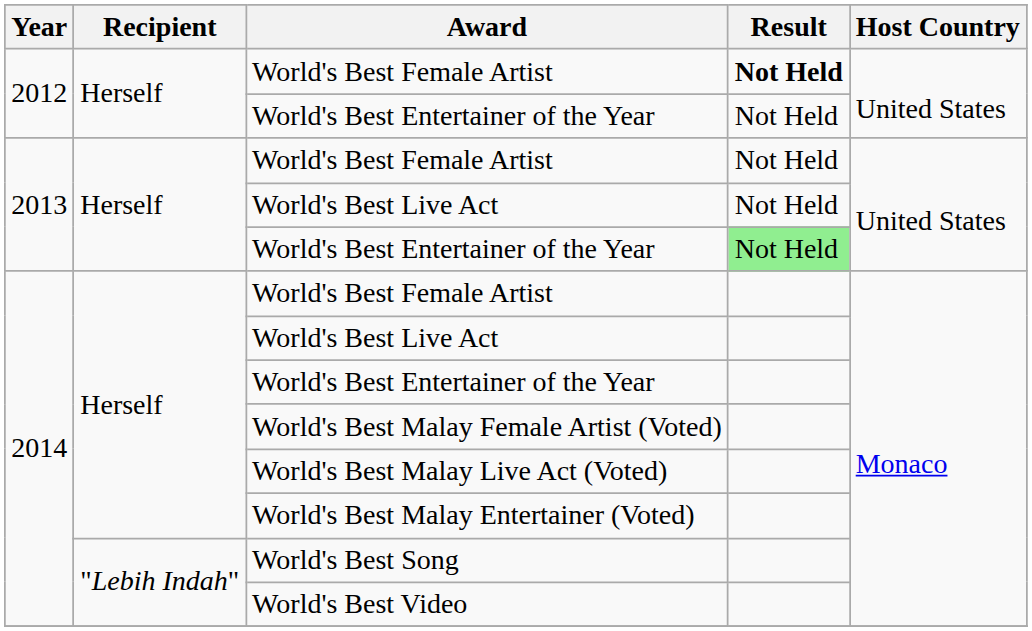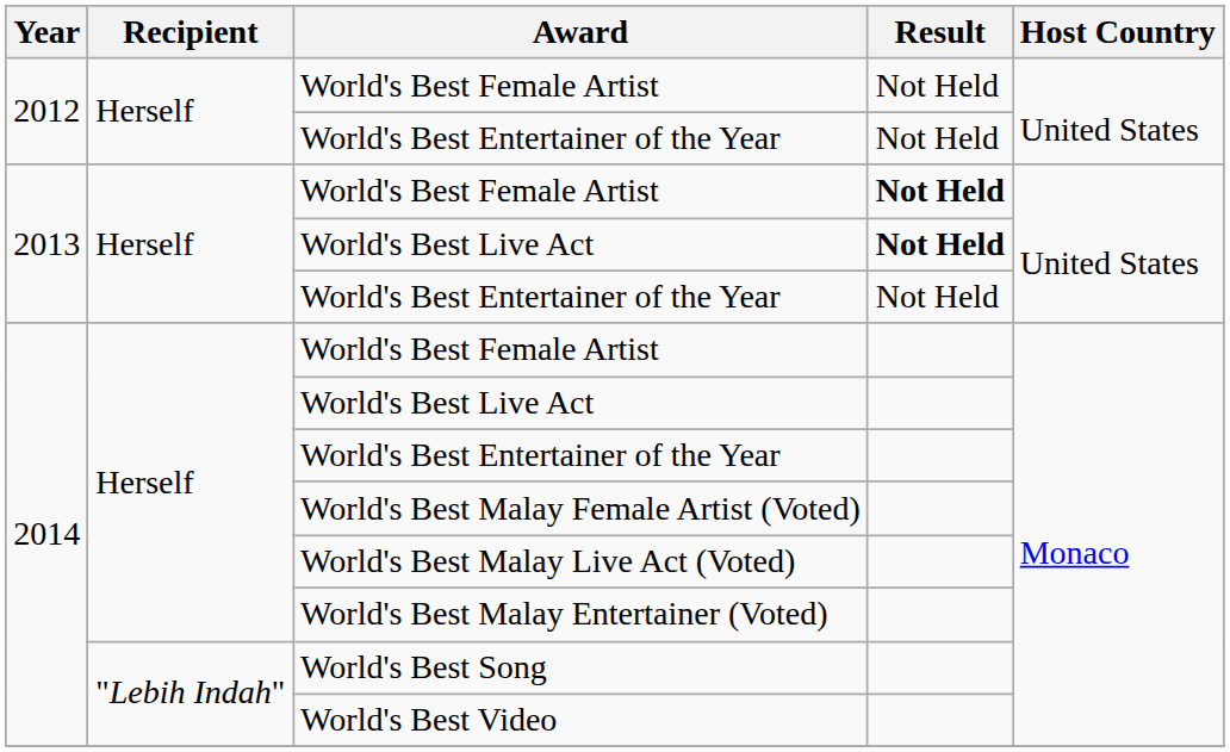 <table class="wikitable">
 <tr>
 <th>Year</th>
 <th>Recipient</th>
 <th>Award</th>
 <th>Result</th>
 <th>Host Country</th>
 </tr>
 <tr>
 <td rowspan="2">2012</td>
 <td rowspan="2">Herself</td>
 <td rowspan="1">World's Best Female Artist</td>
-<td><strong>Not Held</strong></td>
+<td>Not Held</td>
 <td rowspan="2"> <br> United States</td>
 </tr>
 <tr>
 <td rowspan="1">World's Best Entertainer of the Year</td>
 <td>Not Held</td>
 </tr>
 <tr>
 <td rowspan="3">2013</td>
 <td rowspan="3">Herself</td>
 <td rowspan="1">World's Best Female Artist</td>
-<td>Not Held</td>
+<td><strong>Not Held</strong></td>
 <td rowspan="3"> <br> United States</td>
 </tr>
 <tr>
 <td rowspan="1">World's Best Live Act</td>
-<td>Not Held</td>
+<td><strong>Not Held</strong></td>
 </tr>
 <tr>
 <td rowspan="1">World's Best Entertainer of the Year</td>
-<td style="background: lightgreen;">Not Held</td>
+<td>Not Held</td>
 </tr>
 <tr>
 <td rowspan="8">2014</td>
 <td rowspan="6">Herself</td>
 <td rowspan="1">World's Best Female Artist</td>
 <td></td>
 <td rowspan="8"> <br> <a href='#'>Monaco</a></td>
 </tr>
 <tr>
 <td rowspan="1">World's Best Live Act</td>
 <td></td>
 </tr>
 <tr>
 <td rowspan="1">World's Best Entertainer of the Year</td>
 <td></td>
 </tr>
 <tr>
 <td rowspan="1">World's Best Malay Female Artist (Voted)</td>
 <td></td>
 </tr>
 <tr>
 <td rowspan="1">World's Best Malay Live Act (Voted)</td>
 <td></td>
 </tr>
 <tr>
 <td rowspan="1">World's Best Malay Entertainer (Voted)</td>
 <td></td>
 </tr>
 <tr>
 <td rowspan="2">"<em>Lebih Indah</em>"</td>
 <td rowspan="1">World's Best Song</td>
 <td></td>
 </tr>
 <tr>
 <td rowspan="1">World's Best Video</td>
 <td></td>
 </tr>
 <tr>
 </tr>
 </table>
